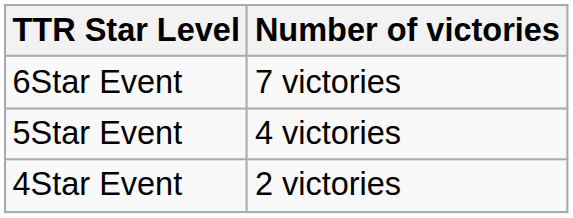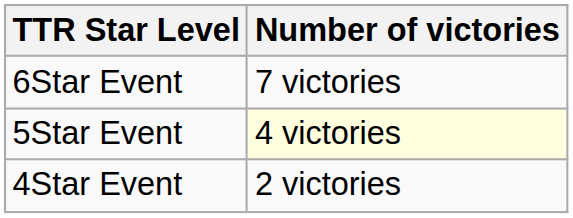 <table class="wikitable">
 <tr>
 <th>TTR Star Level</th>
 <th>Number of victories</th>
 </tr>
 <tr>
 <td>6Star Event</td>
 <td>7 victories</td>
 </tr>
 <tr>
 <td>5Star Event</td>
-<td>4 victories</td>
+<td style="background: lightyellow;">4 victories</td>
 </tr>
 <tr>
 <td>4Star Event</td>
 <td>2 victories</td>
 </tr>
 </table>
